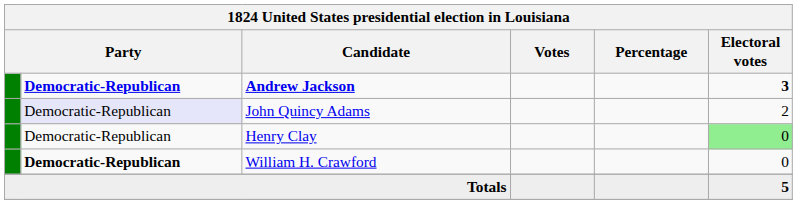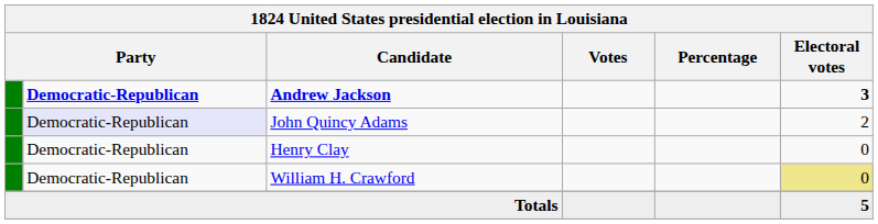 <table class="wikitable" style="font-size: 95%;">
 <tr>
 <th colspan="6">1824 United States presidential election in Louisiana</th>
 </tr>
 <tr>
 <th colspan="2" style="width: 15em">Party</th>
 <th style="width: 17em">Candidate</th>
 <th style="width: 5em">Votes</th>
 <th style="width: 7em">Percentage</th>
 <th style="width: 5em">Electoral votes</th>
 </tr>
 <tr>
 <th style="background-color:#008000; width: 3px"></th>
 <td style="width: 130px"><strong><a href='#'>Democratic-Republican</a></strong></td>
 <td><strong><a href='#'>Andrew Jackson</a></strong></td>
 <td align="right"></td>
 <td align="right"></td>
 <td align="right"><strong>3</strong></td>
 </tr>
 <tr>
 <th style="background-color:#008000; width: 3px"></th>
 <td style="background: lavender; width: 130px">Democratic-Republican</td>
 <td><a href='#'>John Quincy Adams</a></td>
 <td align="right"></td>
 <td align="right"></td>
 <td align="right">2</td>
 </tr>
 <tr>
 <th style="background-color:#008000; width: 3px"></th>
 <td style="width: 130px">Democratic-Republican</td>
 <td><a href='#'>Henry Clay</a></td>
 <td align="right"></td>
 <td align="right"></td>
-<td align="right" style="background: lightgreen;">0</td>
+<td align="right">0</td>
 </tr>
 <tr>
 <th style="background-color:#008000; width: 3px"></th>
-<td style="width: 130px"><strong>Democratic-Republican</strong></td>
+<td style="width: 130px">Democratic-Republican</td>
 <td><a href='#'>William H. Crawford</a></td>
 <td align="right"></td>
 <td align="right"></td>
-<td align="right">0</td>
+<td align="right" style="background: khaki;">0</td>
 </tr>
 <tr>
 </tr>
 <tr bgcolor="#EEEEEE">
 <td colspan="3" align="right"><strong>Totals</strong></td>
 <td align="right"></td>
 <td align="right"></td>
 <td align="right"><strong>5</strong></td>
 </tr>
 <tr>
 </tr>
 </table>
